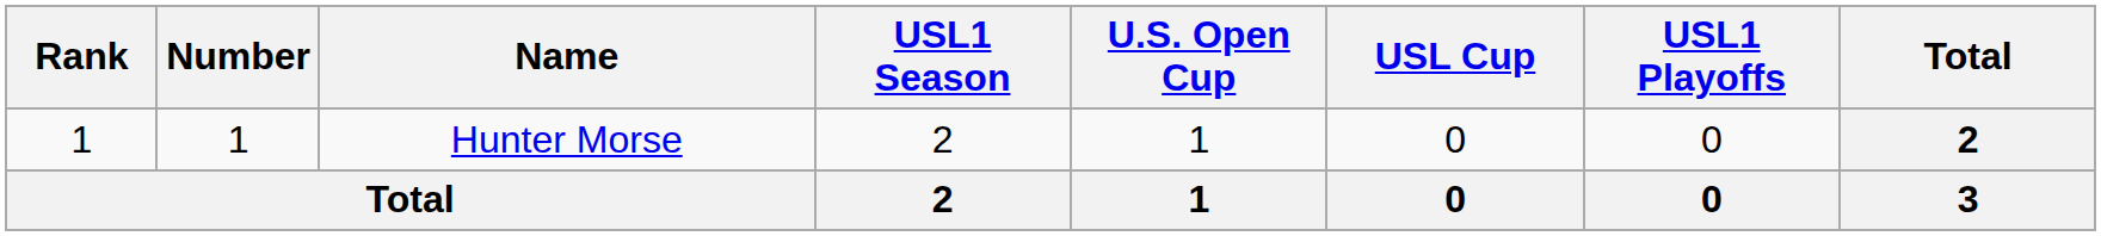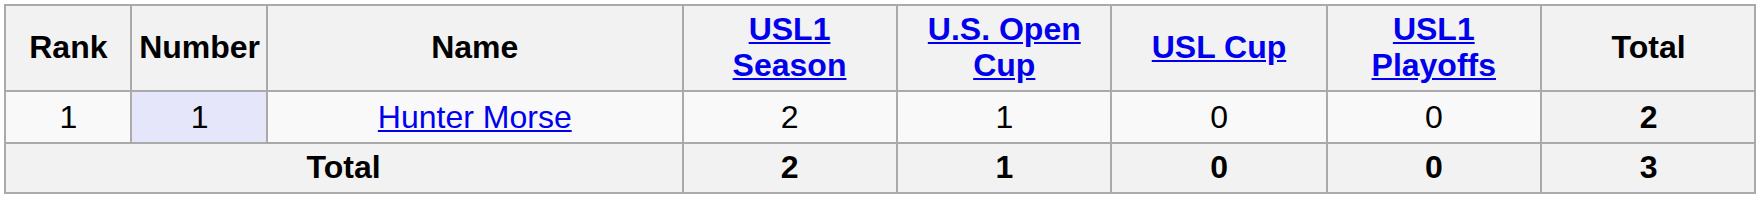 <table class="wikitable" style="text-align:center;">
 <tr>
 <th style="width:56px;">Rank</th>
 <th style="width:56px;">Number</th>
 <th style="width:200px;">Name</th>
 <th style="width:100px;"><a href='#'>USL1 Season</a></th>
 <th style="width:100px;"><a href='#'>U.S. Open Cup</a></th>
 <th style="width:100px;"><a href='#'>USL Cup</a></th>
 <th style="width:100px;"><a href='#'>USL1 Playoffs</a></th>
 <th style="width:100px;">Total</th>
 </tr>
 <tr>
 <td>1</td>
-<td>1</td>
+<td style="background: lavender;">1</td>
 <td> <a href='#'>Hunter Morse</a></td>
 <td>2</td>
 <td>1</td>
 <td>0</td>
 <td>0</td>
 <th>2</th>
 </tr>
 <tr>
 <th colspan="3">Total</th>
 <th>2</th>
 <th>1</th>
 <th>0</th>
 <th>0</th>
 <th>3</th>
 </tr>
 </table>
